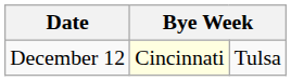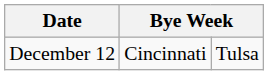 <table class="wikitable" style="font-size:95%;">
 <tr>
 <th>Date</th>
 <th colspan="8">Bye Week</th>
 </tr>
 <tr>
 <td>December 12</td>
-<td style="background: lightyellow;">Cincinnati</td>
+<td>Cincinnati</td>
 <td>Tulsa</td>
 </tr>
 </table>
